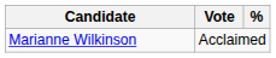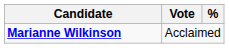 <table class="wikitable">
 <tr>
 <th bgcolor="#DDDDFF" width="200px">Candidate</th>
 <th bgcolor="#DDDDFF">Vote</th>
 <th bgcolor="#DDDDFF">%</th>
 </tr>
 <tr>
-<td><a href='#'>Marianne Wilkinson</a></td>
+<td><strong><a href='#'>Marianne Wilkinson</a></strong></td>
 <td colspan="2">Acclaimed</td>
 </tr>
 </table>
